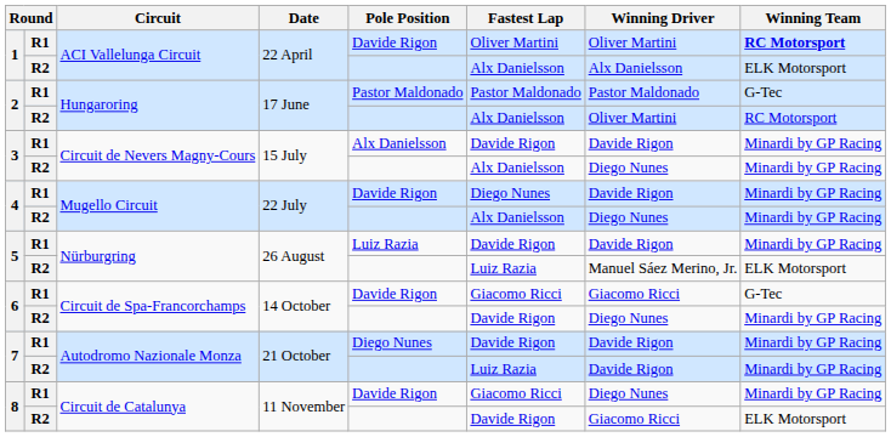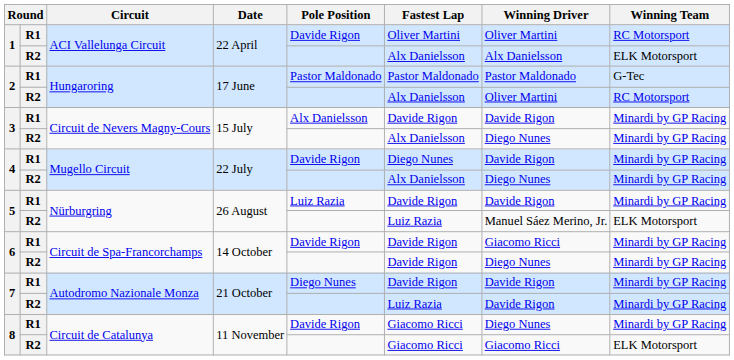 <table class="wikitable" style="font-size:85%">
 <tr>
 <th colspan=2>Round</th>
 <th>Circuit</th>
 <th>Date</th>
 <th>Pole Position</th>
 <th>Fastest Lap</th>
 <th>Winning Driver</th>
 <th>Winning Team</th>
 </tr>
 <tr style="background:#D0E7FF;">
 <th rowspan=2>1</th>
 <th>R1</th>
 <td rowspan=2> <a href='#'>ACI Vallelunga Circuit</a></td>
 <td rowspan=2>22 April</td>
 <td> <a href='#'>Davide Rigon</a></td>
 <td> <a href='#'>Oliver Martini</a></td>
 <td> <a href='#'>Oliver Martini</a></td>
-<td><strong> <a href='#'>RC Motorsport</a></strong></td>
+<td> <a href='#'>RC Motorsport</a></td>
 </tr>
 <tr style="background:#D0E7FF;">
 <th>R2</th>
 <td></td>
 <td> <a href='#'>Alx Danielsson</a></td>
 <td> <a href='#'>Alx Danielsson</a></td>
 <td> ELK Motorsport</td>
 </tr>
 <tr style="background:#D0E7FF;">
 <th rowspan=2>2</th>
 <th>R1</th>
 <td rowspan=2> <a href='#'>Hungaroring</a></td>
 <td rowspan=2>17 June</td>
 <td nowrap> <a href='#'>Pastor Maldonado</a></td>
 <td nowrap> <a href='#'>Pastor Maldonado</a></td>
 <td nowrap> <a href='#'>Pastor Maldonado</a></td>
 <td> G-Tec</td>
 </tr>
 <tr style="background:#D0E7FF;">
 <th>R2</th>
 <td></td>
 <td> <a href='#'>Alx Danielsson</a></td>
 <td> <a href='#'>Oliver Martini</a></td>
 <td> <a href='#'>RC Motorsport</a></td>
 </tr>
 <tr>
 <th rowspan=2>3</th>
 <th>R1</th>
 <td rowspan=2 nowrap> <a href='#'>Circuit de Nevers Magny-Cours</a></td>
 <td rowspan=2>15 July</td>
 <td> <a href='#'>Alx Danielsson</a></td>
 <td> <a href='#'>Davide Rigon</a></td>
 <td> <a href='#'>Davide Rigon</a></td>
 <td nowrap> <a href='#'>Minardi by GP Racing</a></td>
 </tr>
 <tr>
 <th>R2</th>
 <td></td>
 <td> <a href='#'>Alx Danielsson</a></td>
 <td> <a href='#'>Diego Nunes</a></td>
 <td> <a href='#'>Minardi by GP Racing</a></td>
 </tr>
 <tr style="background:#D0E7FF;">
 <th rowspan=2>4</th>
 <th>R1</th>
 <td rowspan=2> <a href='#'>Mugello Circuit</a></td>
 <td rowspan=2>22 July</td>
 <td> <a href='#'>Davide Rigon</a></td>
 <td> <a href='#'>Diego Nunes</a></td>
 <td> <a href='#'>Davide Rigon</a></td>
 <td> <a href='#'>Minardi by GP Racing</a></td>
 </tr>
 <tr style="background:#D0E7FF;">
 <th>R2</th>
 <td></td>
 <td> <a href='#'>Alx Danielsson</a></td>
 <td> <a href='#'>Diego Nunes</a></td>
 <td> <a href='#'>Minardi by GP Racing</a></td>
 </tr>
 <tr>
 <th rowspan=2>5</th>
 <th>R1</th>
 <td rowspan=2> <a href='#'>Nürburgring</a></td>
 <td rowspan=2>26 August</td>
 <td> <a href='#'>Luiz Razia</a></td>
 <td> <a href='#'>Davide Rigon</a></td>
 <td> <a href='#'>Davide Rigon</a></td>
 <td> <a href='#'>Minardi by GP Racing</a></td>
 </tr>
 <tr>
 <th>R2</th>
 <td></td>
 <td> <a href='#'>Luiz Razia</a></td>
 <td nowrap> Manuel Sáez Merino, Jr.</td>
 <td> ELK Motorsport</td>
 </tr>
 <tr>
 <th rowspan=2>6</th>
 <th>R1</th>
 <td rowspan=2> <a href='#'>Circuit de Spa-Francorchamps</a></td>
 <td rowspan=2>14 October</td>
 <td> <a href='#'>Davide Rigon</a></td>
+<td> <a href='#'>Davide Rigon</a></td>
 <td> <a href='#'>Giacomo Ricci</a></td>
-<td> <a href='#'>Giacomo Ricci</a></td>
-<td> G-Tec</td>
+<td> <a href='#'>Minardi by GP Racing</a></td>
 </tr>
 <tr>
 <th>R2</th>
 <td></td>
 <td> <a href='#'>Davide Rigon</a></td>
 <td> <a href='#'>Diego Nunes</a></td>
 <td> <a href='#'>Minardi by GP Racing</a></td>
 </tr>
 <tr style="background:#D0E7FF;">
 <th rowspan=2>7</th>
 <th>R1</th>
 <td rowspan=2> <a href='#'>Autodromo Nazionale Monza</a></td>
 <td rowspan=2>21 October</td>
 <td> <a href='#'>Diego Nunes</a></td>
 <td> <a href='#'>Davide Rigon</a></td>
 <td> <a href='#'>Davide Rigon</a></td>
 <td> <a href='#'>Minardi by GP Racing</a></td>
 </tr>
 <tr style="background:#D0E7FF;">
 <th>R2</th>
 <td></td>
 <td> <a href='#'>Luiz Razia</a></td>
 <td> <a href='#'>Davide Rigon</a></td>
 <td> <a href='#'>Minardi by GP Racing</a></td>
 </tr>
 <tr>
 <th rowspan=2>8</th>
 <th>R1</th>
 <td rowspan=2> <a href='#'>Circuit de Catalunya</a></td>
 <td rowspan=2>11 November</td>
 <td> <a href='#'>Davide Rigon</a></td>
 <td> <a href='#'>Giacomo Ricci</a></td>
 <td> <a href='#'>Diego Nunes</a></td>
 <td> <a href='#'>Minardi by GP Racing</a></td>
 </tr>
 <tr>
 <th>R2</th>
 <td></td>
-<td> <a href='#'>Davide Rigon</a></td>
+<td> <a href='#'>Giacomo Ricci</a></td>
 <td> <a href='#'>Giacomo Ricci</a></td>
 <td> ELK Motorsport</td>
 </tr>
 </table>
